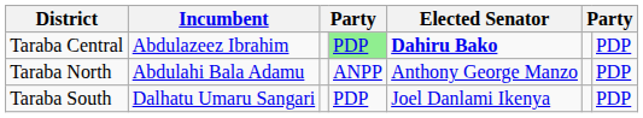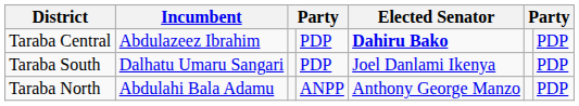 <table class="sortable wikitable" style="font-size:95%;line-height:14px;">
 <tr>
 <th class="unsortable">District</th>
 <th class="unsortable"><a href='#'>Incumbent</a></th>
 <th colspan="2">Party</th>
 <th class="unsortable">Elected Senator</th>
 <th colspan="2">Party</th>
 </tr>
 <tr>
 <td>Taraba Central</td>
 <td><a href='#'>Abdulazeez Ibrahim</a></td>
 <td style="background:"></td>
-<td style="background: lightgreen;"><a href='#'>PDP</a></td>
+<td><a href='#'>PDP</a></td>
 <td><strong><a href='#'>Dahiru Bako</a></strong></td>
+<td style="background:"></td>
+<td><a href='#'>PDP</a></td>
+</tr>
+<tr>
+<td>Taraba South</td>
+<td><a href='#'>Dalhatu Umaru Sangari</a></td>
+<td style="background:"></td>
+<td><a href='#'>PDP</a></td>
+<td><a href='#'>Joel Danlami Ikenya</a></td>
 <td style="background:"></td>
 <td><a href='#'>PDP</a></td>
 </tr>
 <tr>
 <td>Taraba North</td>
 <td><a href='#'>Abdulahi Bala Adamu</a></td>
 <td style="background:"></td>
 <td><a href='#'>ANPP</a></td>
 <td><a href='#'>Anthony George Manzo</a></td>
 <td style="background:"></td>
 <td><a href='#'>PDP</a></td>
 </tr>
-<tr>
-<td>Taraba South</td>
-<td><a href='#'>Dalhatu Umaru Sangari</a></td>
-<td style="background:"></td>
-<td><a href='#'>PDP</a></td>
-<td><a href='#'>Joel Danlami Ikenya</a></td>
-<td style="background:"></td>
-<td><a href='#'>PDP</a></td>
-</tr>
 </table>
